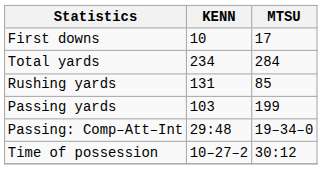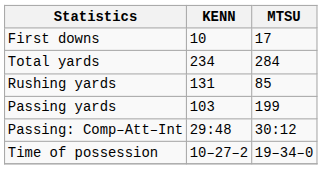 <table class="wikitable" style="float: left;">
 <tr>
 <th>Statistics</th>
 <th>KENN</th>
 <th>MTSU</th>
 </tr>
 <tr>
 <td>First downs</td>
 <td>10</td>
 <td>17</td>
 </tr>
 <tr>
 <td>Total yards</td>
 <td>234</td>
 <td>284</td>
 </tr>
 <tr>
 <td>Rushing yards</td>
 <td>131</td>
 <td>85</td>
 </tr>
 <tr>
 <td>Passing yards</td>
 <td>103</td>
 <td>199</td>
 </tr>
 <tr>
 <td>Passing: Comp–Att–Int</td>
 <td>29:48</td>
-<td>19–34–0</td>
+<td>30:12</td>
 </tr>
 <tr>
 <td>Time of possession</td>
 <td>10–27–2</td>
-<td>30:12</td>
+<td>19–34–0</td>
 </tr>
 <tr>
 </tr>
 </table>
